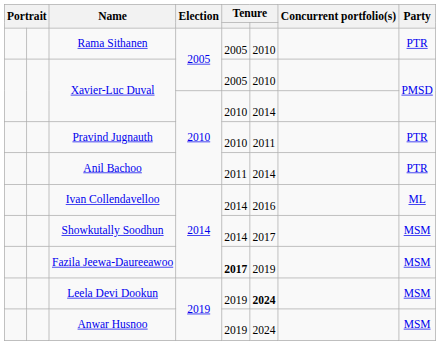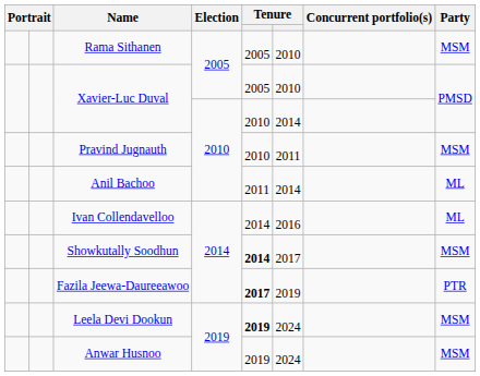 <table class="wikitable" style="font-size:100%;text-align:center">
 <tr>
 <th rowspan="2" colspan="2">Portrait</th>
 <th rowspan="2">Name<br></th>
 <th rowspan="2">Election</th>
 <th colspan="2">Tenure</th>
 <th rowspan="2">Concurrent portfolio(s)</th>
 <th rowspan="2">Party</th>
 </tr>
 <tr>
 <th></th>
 <th></th>
 </tr>
 <tr>
 <td style="background: "></td>
 <td></td>
 <td><a href='#'>Rama Sithanen</a><br></td>
 <td rowspan="2"><a href='#'>2005</a></td>
 <td><br>2005</td>
 <td><br>2010</td>
 <td><small></small></td>
-<td><a href='#'>PTR</a></td>
+<td><a href='#'>MSM</a></td>
 </tr>
 <tr>
 <td rowspan=2 style="background: "></td>
 <td rowspan="2"></td>
 <td rowspan="2"><a href='#'>Xavier-Luc Duval</a><br></td>
 <td><br>2005</td>
 <td><br>2010</td>
 <td><small></small></td>
 <td rowspan=2><a href='#'>PMSD</a></td>
 </tr>
 <tr>
 <td rowspan="3"><a href='#'>2010</a></td>
 <td><br>2010</td>
 <td><br>2014</td>
 <td><small></small></td>
 </tr>
 <tr>
 <td style="background: "></td>
 <td></td>
 <td><a href='#'>Pravind Jugnauth</a><br></td>
 <td><br>2010</td>
 <td><br>2011</td>
 <td><small></small></td>
-<td><a href='#'>PTR</a></td>
+<td><a href='#'>MSM</a></td>
 </tr>
 <tr>
 <td style="background: "></td>
 <td></td>
 <td><a href='#'>Anil Bachoo</a><br></td>
 <td><br>2011</td>
 <td><br>2014</td>
 <td><small></small></td>
-<td><a href='#'>PTR</a></td>
+<td><a href='#'>ML</a></td>
 </tr>
 <tr>
 <td style="background: "></td>
 <td></td>
 <td><a href='#'>Ivan Collendavelloo</a><br></td>
 <td rowspan="3"><a href='#'>2014</a></td>
 <td><br>2014</td>
 <td><br>2016</td>
 <td><small></small></td>
 <td><a href='#'>ML</a></td>
 </tr>
 <tr>
 <td style="background: "></td>
 <td></td>
 <td><a href='#'>Showkutally Soodhun</a><br></td>
-<td><br>2014</td>
+<td><strong><br>2014</strong></td>
 <td><br>2017</td>
 <td><small></small></td>
 <td><a href='#'>MSM</a></td>
 </tr>
 <tr>
 <td style="background: "></td>
 <td></td>
 <td><a href='#'>Fazila Jeewa-Daureeawoo</a></td>
 <td><strong><br>2017</strong></td>
 <td><br>2019</td>
 <td><small></small></td>
-<td><a href='#'>MSM</a></td>
+<td><a href='#'>PTR</a></td>
 </tr>
 <tr>
 <td style="background: "></td>
 <td></td>
 <td><a href='#'>Leela Devi Dookun</a><br></td>
 <td rowspan="2"><a href='#'>2019</a></td>
-<td><br>2019</td>
-<td><strong><br>2024</strong></td>
+<td><strong><br>2019</strong></td>
+<td><br>2024</td>
 <td><small></small></td>
 <td><a href='#'>MSM</a></td>
 </tr>
 <tr>
 <td style="background: "></td>
 <td></td>
 <td><a href='#'>Anwar Husnoo</a><br></td>
 <td><br>2019</td>
 <td><br>2024</td>
 <td><small></small></td>
 <td><a href='#'>MSM</a></td>
 </tr>
 </table>
